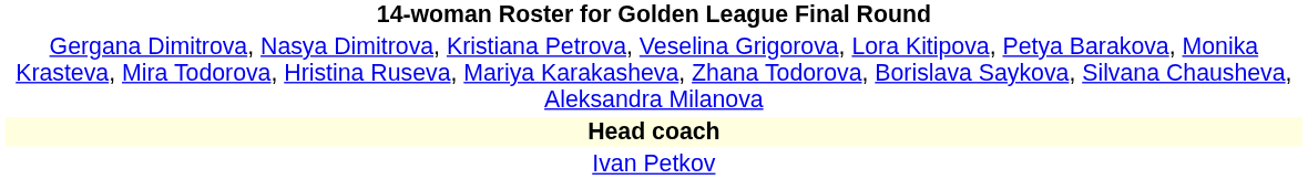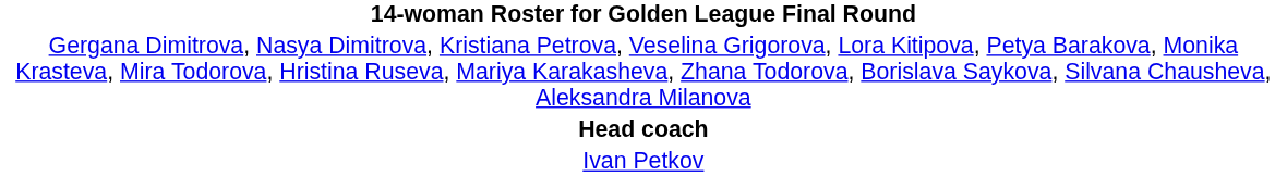 <table style="text-align:center; margin-top:2em; margin-left:auto; margin-right:auto">
 <tr>
 <td><strong>14-woman Roster for Golden League Final Round</strong></td>
 </tr>
 <tr>
 <td><a href='#'>Gergana Dimitrova</a>, <a href='#'>Nasya Dimitrova</a>, <a href='#'>Kristiana Petrova</a>, <a href='#'>Veselina Grigorova</a>, <a href='#'>Lora Kitipova</a>, <a href='#'>Petya Barakova</a>, <a href='#'>Monika Krasteva</a>, <a href='#'>Mira Todorova</a>, <a href='#'>Hristina Ruseva</a>, <a href='#'>Mariya Karakasheva</a>, <a href='#'>Zhana Todorova</a>, <a href='#'>Borislava Saykova</a>, <a href='#'>Silvana Chausheva</a>, <a href='#'>Aleksandra Milanova</a></td>
 </tr>
 <tr>
-<td style="background: lightyellow;"><strong>Head coach</strong></td>
+<td><strong>Head coach</strong></td>
 </tr>
 <tr>
 <td><a href='#'>Ivan Petkov</a></td>
 </tr>
 </table>
